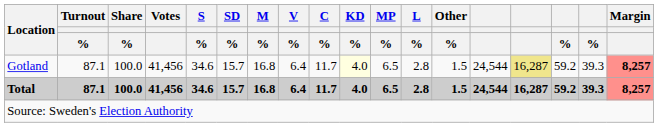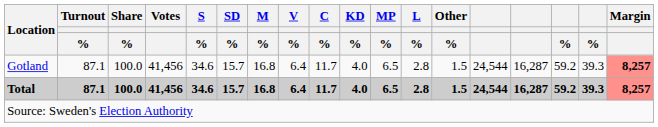 <table class="wikitable sortable" style="text-align:right; font-size:95%; line-height:20px;">
 <tr>
 <th rowspan="3">Location</th>
 <th>Turnout</th>
 <th>Share</th>
 <th>Votes</th>
 <th width="30px" class="unsortable"><a href='#'>S</a></th>
 <th width="30px" class="unsortable"><a href='#'>SD</a></th>
 <th width="30px" class="unsortable"><a href='#'>M</a></th>
 <th width="30px" class="unsortable"><a href='#'>V</a></th>
 <th width="30px" class="unsortable"><a href='#'>C</a></th>
 <th width="30px" class="unsortable"><a href='#'>KD</a></th>
 <th width="30px" class="unsortable"><a href='#'>MP</a></th>
 <th width="30px" class="unsortable"><a href='#'>L</a></th>
 <th width="30px" class="unsortable">Other</th>
 <th></th>
 <th></th>
 <th></th>
 <th></th>
 <th>Margin</th>
 </tr>
 <tr>
 <th></th>
 <th></th>
 <th></th>
 <th style="background:"></th>
 <th style="background:"></th>
 <th style="background:"></th>
 <th style="background:"></th>
 <th style="background:"></th>
 <th style="background:"></th>
 <th style="background:"></th>
 <th style="background:"></th>
 <th style="background:"></th>
 <th style="background:"></th>
 <th style="background:"></th>
 <th style="background:"></th>
 <th style="background:"></th>
 <th></th>
 </tr>
 <tr>
 <th data-sort-type="number">%</th>
 <th data-sort-type="number">%</th>
 <th></th>
 <th data-sort-type="number">%</th>
 <th data-sort-type="number">%</th>
 <th data-sort-type="number">%</th>
 <th data-sort-type="number">%</th>
 <th data-sort-type="number">%</th>
 <th data-sort-type="number">%</th>
 <th data-sort-type="number">%</th>
 <th data-sort-type="number">%</th>
 <th data-sort-type="number">%</th>
 <th data-sort-type="number"></th>
 <th data-sort-type="number"></th>
 <th data-sort-type="number">%</th>
 <th data-sort-type="number">%</th>
 <th data-sort-type="number"></th>
 </tr>
 <tr>
 <td align="left"><a href='#'>Gotland</a></td>
 <td>87.1</td>
 <td>100.0</td>
 <td>41,456</td>
 <td>34.6</td>
 <td>15.7</td>
 <td>16.8</td>
 <td>6.4</td>
 <td>11.7</td>
-<td style="background: lightyellow;">4.0</td>
+<td>4.0</td>
 <td>6.5</td>
 <td>2.8</td>
 <td>1.5</td>
 <td>24,544</td>
-<td style="background: khaki;">16,287</td>
+<td>16,287</td>
 <td>59.2</td>
 <td>39.3</td>
 <td bgcolor=#ff908c><strong>8,257</strong></td>
 </tr>
 <tr style="background:#CDCDCD;">
 <td align="left"><strong>Total</strong></td>
 <td><strong>87.1</strong></td>
 <td><strong>100.0</strong></td>
 <td><strong>41,456</strong></td>
 <td><strong>34.6</strong></td>
 <td><strong>15.7</strong></td>
 <td><strong>16.8</strong></td>
 <td><strong>6.4</strong></td>
 <td><strong>11.7</strong></td>
 <td><strong>4.0</strong></td>
 <td><strong>6.5</strong></td>
 <td><strong>2.8</strong></td>
 <td><strong>1.5</strong></td>
 <td><strong>24,544</strong></td>
 <td><strong>16,287</strong></td>
 <td><strong>59.2</strong></td>
 <td><strong>39.3</strong></td>
 <td bgcolor=#ff908c><strong>8,257</strong></td>
 </tr>
 <tr>
 <td colspan="18" align="left">Source: Sweden's <a href='#'>Election Authority</a></td>
 </tr>
 </table>
